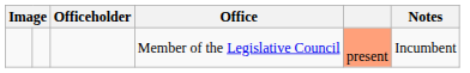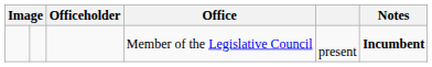 <table class="wikitable" style="text-align:center" "width:100%">
 <tr>
 <th colspan=2>Image</th>
 <th>Officeholder</th>
 <th>Office</th>
 <th></th>
 <th>Notes</th>
 </tr>
 <tr>
 <td> </td>
 <td></td>
 <td><br></td>
 <td>Member of the <a href='#'>Legislative Council</a></td>
-<td style="background: lightsalmon;"><br>present</td>
-<td>Incumbent</td>
+<td><br>present</td>
+<td><strong>Incumbent</strong></td>
 </tr>
 </table>
